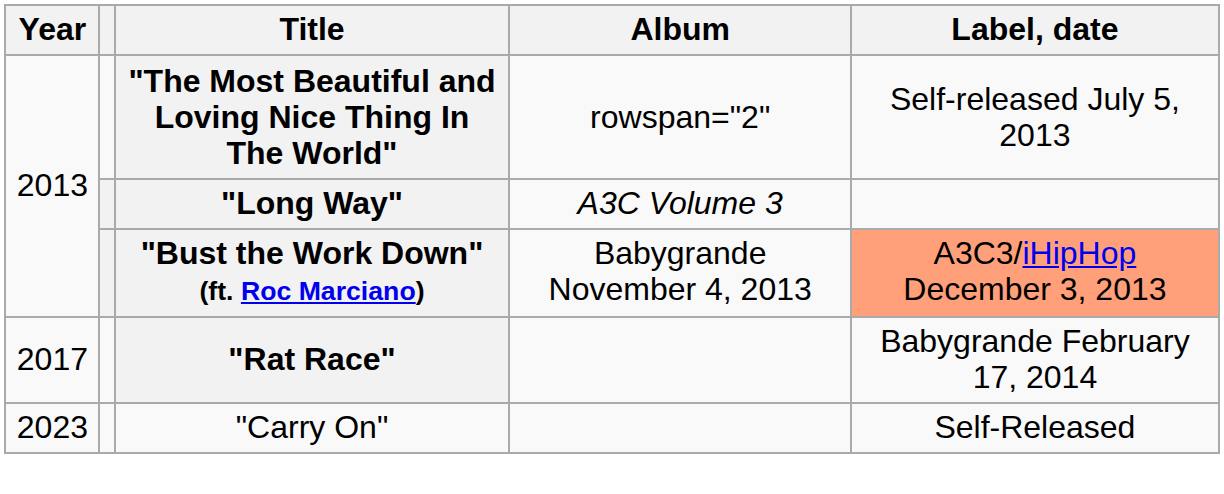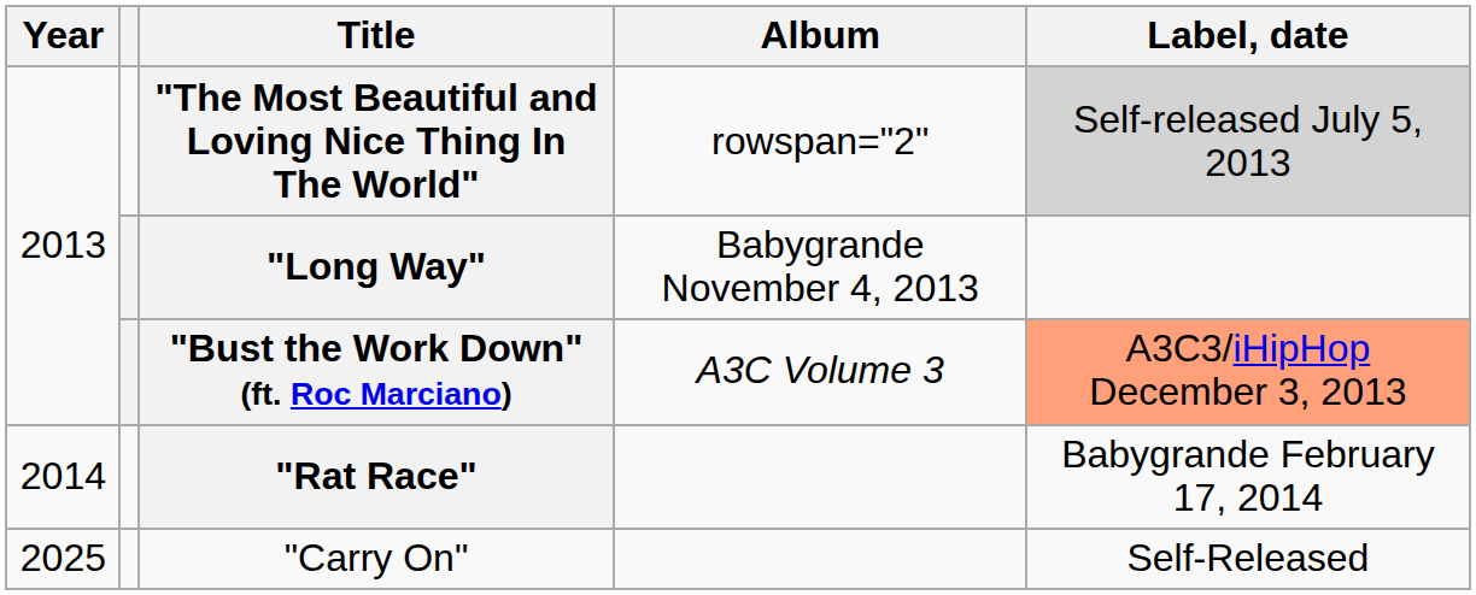 <table class="wikitable plainrowheaders" style="text-align:center;">
 <tr>
 <th scope="col" rowspan="1" style="width:2.5em;">Year</th>
 <th></th>
 <th rowspan="1" scope="col">Title</th>
 <th scope="col" rowspan="1">Album</th>
 <th scope="col" rowspan="1">Label, date</th>
 </tr>
 <tr>
 <td rowspan="3">2013</td>
 <td></td>
 <th scope="row">"The Most Beautiful and<br> Loving Nice Thing In The World"</th>
 <td>rowspan="2" </td>
-<td>Self-released July 5, 2013</td>
+<td style="background: lightgrey;">Self-released July 5, 2013</td>
 </tr>
 <tr>
 <th></th>
 <th scope="row">"Long Way"</th>
-<td><em>A3C Volume 3</em></td>
+<td>Babygrande November 4, 2013</td>
 </tr>
 <tr>
 <th></th>
 <th scope="row">"Bust the Work Down" <small>(ft. <a href='#'>Roc Marciano</a>)</small></th>
-<td>Babygrande November 4, 2013</td>
+<td><em>A3C Volume 3</em></td>
 <td style="background: lightsalmon;">A3C3/<a href='#'>iHipHop</a> December 3, 2013</td>
 </tr>
 <tr>
-<td rowspan="1">2017</td>
+<td rowspan="1">2014</td>
 <td></td>
 <th scope="row">"Rat Race"</th>
 <td></td>
 <td>Babygrande February 17, 2014</td>
 </tr>
 <tr>
-<td>2023</td>
+<td>2025</td>
 <td></td>
 <td>"Carry On"</td>
 <td></td>
 <td>Self-Released<br></td>
 </tr>
 </table>
